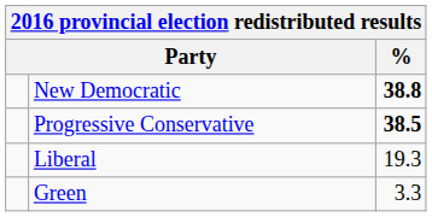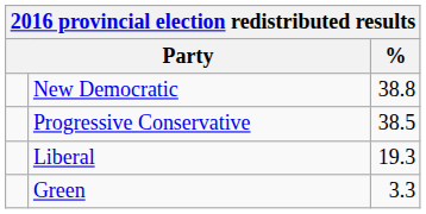 <table class="wikitable">
 <tr>
 <th colspan="4"><a href='#'>2016 provincial election</a> redistributed results</th>
 </tr>
 <tr>
 <th bgcolor="#DDDDFF" width="130px" colspan="2">Party</th>
 <th bgcolor="#DDDDFF" width="30px">%</th>
 </tr>
 <tr>
 <td> </td>
 <td><a href='#'>New Democratic</a></td>
-<td align=right><strong>38.8</strong></td>
+<td align=right>38.8</td>
 </tr>
 <tr>
 <td> </td>
 <td><a href='#'>Progressive Conservative</a></td>
-<td align=right><strong>38.5</strong></td>
+<td align=right>38.5</td>
 </tr>
 <tr>
 <td> </td>
 <td><a href='#'>Liberal</a></td>
 <td align=right>19.3</td>
 </tr>
 <tr>
 <td> </td>
 <td><a href='#'>Green</a></td>
 <td align=right>3.3</td>
 </tr>
 </table>
